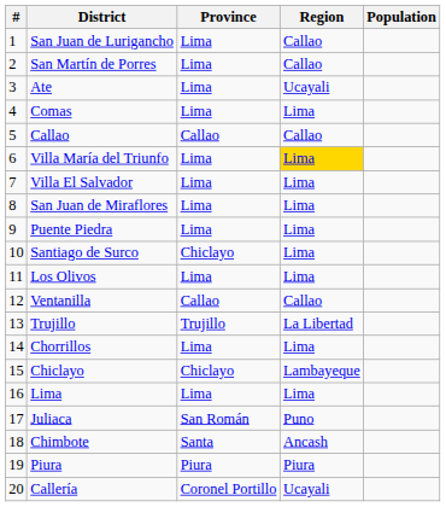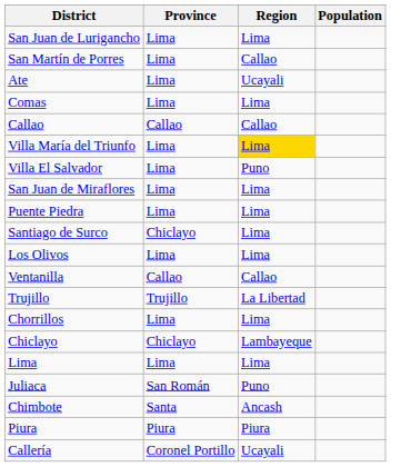 <table align=center class="wikitable" Style="align:center;">
 <tr>
-<th>#</th>
 <th>District</th>
 <th>Province</th>
 <th>Region</th>
 <th>Population</th>
 </tr>
 <tr>
-<td>1</td>
 <td><a href='#'>San Juan de Lurigancho</a></td>
 <td><a href='#'>Lima</a></td>
-<td><a href='#'>Callao</a></td>
+<td><a href='#'>Lima</a></td>
 <td align=right></td>
 </tr>
 <tr>
-<td>2</td>
 <td><a href='#'>San Martín de Porres</a></td>
 <td><a href='#'>Lima</a></td>
 <td><a href='#'>Callao</a></td>
 <td align=right></td>
 </tr>
 <tr>
-<td>3</td>
 <td><a href='#'>Ate</a></td>
 <td><a href='#'>Lima</a></td>
 <td><a href='#'>Ucayali</a></td>
 <td align=right></td>
 </tr>
 <tr>
-<td>4</td>
 <td><a href='#'>Comas</a></td>
 <td><a href='#'>Lima</a></td>
 <td><a href='#'>Lima</a></td>
 <td align=right></td>
 </tr>
 <tr>
-<td>5</td>
 <td><a href='#'>Callao</a></td>
 <td><a href='#'>Callao</a></td>
 <td><a href='#'>Callao</a></td>
 <td align=right></td>
 </tr>
 <tr>
-<td>6</td>
 <td><a href='#'>Villa María del Triunfo</a></td>
 <td><a href='#'>Lima</a></td>
 <td style="background: gold;"><a href='#'>Lima</a></td>
 <td align=right></td>
 </tr>
 <tr>
-<td>7</td>
 <td><a href='#'>Villa El Salvador</a></td>
 <td><a href='#'>Lima</a></td>
-<td><a href='#'>Lima</a></td>
+<td><a href='#'>Puno</a></td>
 <td align=right></td>
 </tr>
 <tr>
-<td>8</td>
 <td><a href='#'>San Juan de Miraflores</a></td>
 <td><a href='#'>Lima</a></td>
 <td><a href='#'>Lima</a></td>
 <td align=right></td>
 </tr>
 <tr>
-<td>9</td>
 <td><a href='#'>Puente Piedra</a></td>
 <td><a href='#'>Lima</a></td>
 <td><a href='#'>Lima</a></td>
 <td align=right></td>
 </tr>
 <tr>
-<td>10</td>
 <td><a href='#'>Santiago de Surco</a></td>
 <td><a href='#'>Chiclayo</a></td>
 <td><a href='#'>Lima</a></td>
 <td align=right></td>
 </tr>
 <tr>
-<td>11</td>
 <td><a href='#'>Los Olivos</a></td>
 <td><a href='#'>Lima</a></td>
 <td><a href='#'>Lima</a></td>
 <td align=right></td>
 </tr>
 <tr>
-<td>12</td>
 <td><a href='#'>Ventanilla</a></td>
 <td><a href='#'>Callao</a></td>
 <td><a href='#'>Callao</a></td>
 <td align=right></td>
 </tr>
 <tr>
-<td>13</td>
 <td><a href='#'>Trujillo</a></td>
 <td><a href='#'>Trujillo</a></td>
 <td><a href='#'>La Libertad</a></td>
 <td align=right></td>
 </tr>
 <tr>
-<td>14</td>
 <td><a href='#'>Chorrillos</a></td>
 <td><a href='#'>Lima</a></td>
 <td><a href='#'>Lima</a></td>
 <td align=right></td>
 </tr>
 <tr>
-<td>15</td>
 <td><a href='#'>Chiclayo</a></td>
 <td><a href='#'>Chiclayo</a></td>
 <td><a href='#'>Lambayeque</a></td>
 <td align=right></td>
 </tr>
 <tr>
-<td>16</td>
 <td><a href='#'>Lima</a></td>
 <td><a href='#'>Lima</a></td>
 <td><a href='#'>Lima</a></td>
 <td align=right></td>
 </tr>
 <tr>
-<td>17</td>
 <td><a href='#'>Juliaca</a></td>
 <td><a href='#'>San Román</a></td>
 <td><a href='#'>Puno</a></td>
 <td align=right></td>
 </tr>
 <tr>
-<td>18</td>
 <td><a href='#'>Chimbote</a></td>
 <td><a href='#'>Santa</a></td>
 <td><a href='#'>Ancash</a></td>
 <td align=right></td>
 </tr>
 <tr>
-<td>19</td>
 <td><a href='#'>Piura</a></td>
 <td><a href='#'>Piura</a></td>
 <td><a href='#'>Piura</a></td>
 <td align=right></td>
 </tr>
 <tr>
-<td>20</td>
 <td><a href='#'>Callería</a></td>
 <td><a href='#'>Coronel Portillo</a></td>
 <td><a href='#'>Ucayali</a></td>
 <td align=right></td>
 </tr>
 </table>
